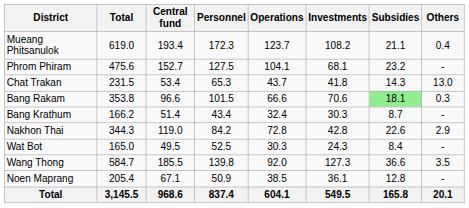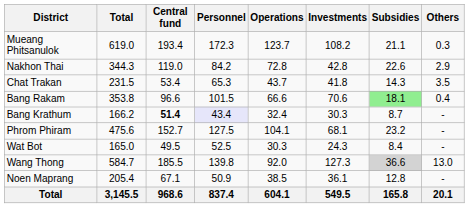 <table class="wikitable sortable">
 <tr>
 <th style="width:140px;">District</th>
 <th style="width:70px;">Total</th>
 <th style="width:70px;">Central fund</th>
 <th style="width:70px;">Personnel</th>
 <th style="width:80px;">Operations</th>
 <th style="widht:80px;">Investments</th>
 <th style="width:70px;">Subsidies</th>
 <th style="width:60px;">Others</th>
 </tr>
 <tr>
 <td>Mueang Phitsanulok</td>
 <td style="text-align:center;">619.0</td>
 <td style="text-align:center;">193.4</td>
 <td style="text-align:center;">172.3</td>
 <td style="text-align:center;">123.7</td>
 <td style="text-align:center;">108.2</td>
 <td style="text-align:center;">21.1</td>
+<td style="text-align:center;">0.3</td>
+</tr>
+<tr>
+<td>Nakhon Thai</td>
+<td style="text-align:center;">344.3</td>
+<td style="text-align:center;">119.0</td>
+<td style="text-align:center;">84.2</td>
+<td style="text-align:center;">72.8</td>
+<td style="text-align:center;">42.8</td>
+<td style="text-align:center;">22.6</td>
+<td style="text-align:center;">2.9</td>
+</tr>
+<tr>
+<td>Chat Trakan</td>
+<td style="text-align:center;">231.5</td>
+<td style="text-align:center;">53.4</td>
+<td style="text-align:center;">65.3</td>
+<td style="text-align:center;">43.7</td>
+<td style="text-align:center;">41.8</td>
+<td style="text-align:center;">14.3</td>
+<td style="text-align:center;">3.5</td>
+</tr>
+<tr>
+<td>Bang Rakam</td>
+<td style="text-align:center;">353.8</td>
+<td style="text-align:center;">96.6</td>
+<td style="text-align:center;">101.5</td>
+<td style="text-align:center;">66.6</td>
+<td style="text-align:center;">70.6</td>
+<td style="background: lightgreen; text-align:center;">18.1</td>
 <td style="text-align:center;">0.4</td>
+</tr>
+<tr>
+<td>Bang Krathum</td>
+<td style="text-align:center;">166.2</td>
+<td style="text-align:center;"><strong>51.4</strong></td>
+<td style="background: lavender; text-align:center;">43.4</td>
+<td style="text-align:center;">32.4</td>
+<td style="text-align:center;">30.3</td>
+<td style="text-align:center;">8.7</td>
+<td style="text-align:center;">-</td>
 </tr>
 <tr>
 <td>Phrom Phiram</td>
 <td style="text-align:center;">475.6</td>
 <td style="text-align:center;">152.7</td>
 <td style="text-align:center;">127.5</td>
 <td style="text-align:center;">104.1</td>
 <td style="text-align:center;">68.1</td>
 <td style="text-align:center;">23.2</td>
 <td style="text-align:center;">-</td>
-</tr>
-<tr>
-<td>Chat Trakan</td>
-<td style="text-align:center;">231.5</td>
-<td style="text-align:center;">53.4</td>
-<td style="text-align:center;">65.3</td>
-<td style="text-align:center;">43.7</td>
-<td style="text-align:center;">41.8</td>
-<td style="text-align:center;">14.3</td>
-<td style="text-align:center;">13.0</td>
-</tr>
-<tr>
-<td>Bang Rakam</td>
-<td style="text-align:center;">353.8</td>
-<td style="text-align:center;">96.6</td>
-<td style="text-align:center;">101.5</td>
-<td style="text-align:center;">66.6</td>
-<td style="text-align:center;">70.6</td>
-<td style="background: lightgreen; text-align:center;">18.1</td>
-<td style="text-align:center;">0.3</td>
-</tr>
-<tr>
-<td>Bang Krathum</td>
-<td style="text-align:center;">166.2</td>
-<td style="text-align:center;">51.4</td>
-<td style="text-align:center;">43.4</td>
-<td style="text-align:center;">32.4</td>
-<td style="text-align:center;">30.3</td>
-<td style="text-align:center;">8.7</td>
-<td style="text-align:center;">-</td>
-</tr>
-<tr>
-<td>Nakhon Thai</td>
-<td style="text-align:center;">344.3</td>
-<td style="text-align:center;">119.0</td>
-<td style="text-align:center;">84.2</td>
-<td style="text-align:center;">72.8</td>
-<td style="text-align:center;">42.8</td>
-<td style="text-align:center;">22.6</td>
-<td style="text-align:center;">2.9</td>
 </tr>
 <tr>
 <td>Wat Bot</td>
 <td style="text-align:center;">165.0</td>
 <td style="text-align:center;">49.5</td>
 <td style="text-align:center;">52.5</td>
 <td style="text-align:center;">30.3</td>
 <td style="text-align:center;">24.3</td>
 <td style="text-align:center;">8.4</td>
 <td style="text-align:center;">-</td>
 </tr>
 <tr>
 <td>Wang Thong</td>
 <td style="text-align:center;">584.7</td>
 <td style="text-align:center;">185.5</td>
 <td style="text-align:center;">139.8</td>
 <td style="text-align:center;">92.0</td>
 <td style="text-align:center;">127.3</td>
-<td style="text-align:center;">36.6</td>
-<td style="text-align:center;">3.5</td>
+<td style="background: lightgrey; text-align:center;">36.6</td>
+<td style="text-align:center;">13.0</td>
 </tr>
 <tr>
 <td>Noen Maprang</td>
 <td style="text-align:center;">205.4</td>
 <td style="text-align:center;">67.1</td>
 <td style="text-align:center;">50.9</td>
 <td style="text-align:center;">38.5</td>
 <td style="text-align:center;">36.1</td>
 <td style="text-align:center;">12.8</td>
 <td style="text-align:center;">-</td>
 </tr>
 <tr>
 <th>Total</th>
 <th>3,145.5</th>
 <th>968.6</th>
 <th>837.4</th>
 <th>604.1</th>
 <th>549.5</th>
 <th>165.8</th>
 <th>20.1</th>
 </tr>
 </table>
